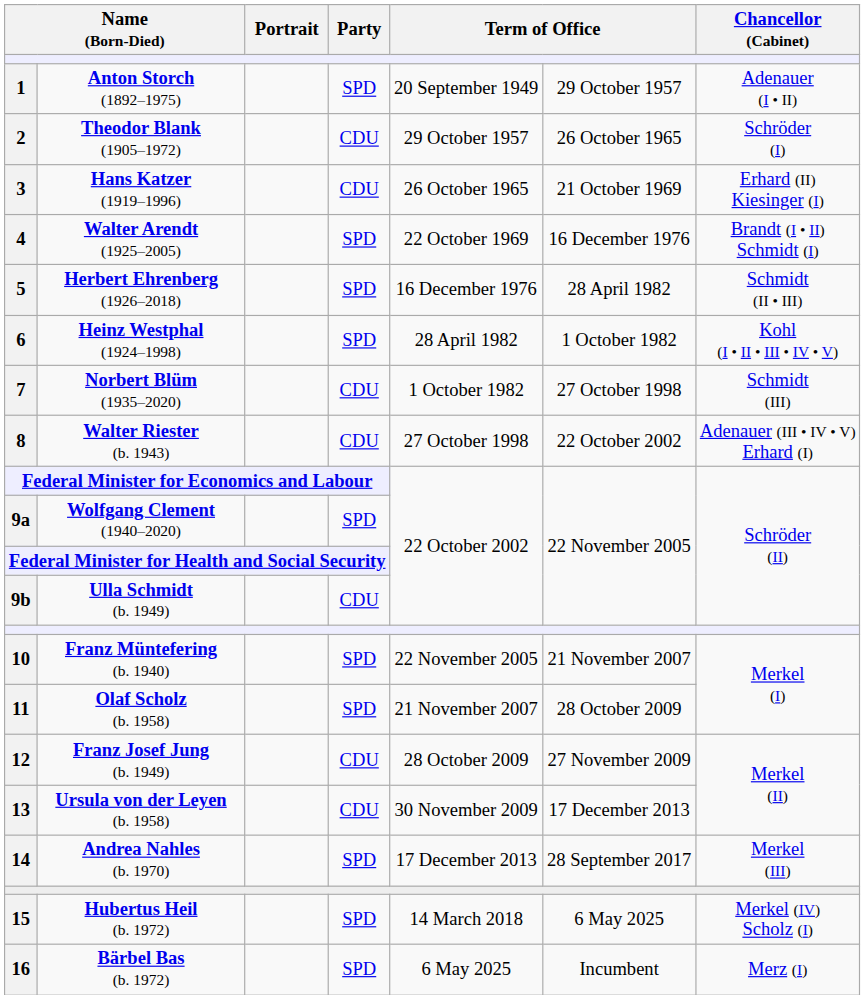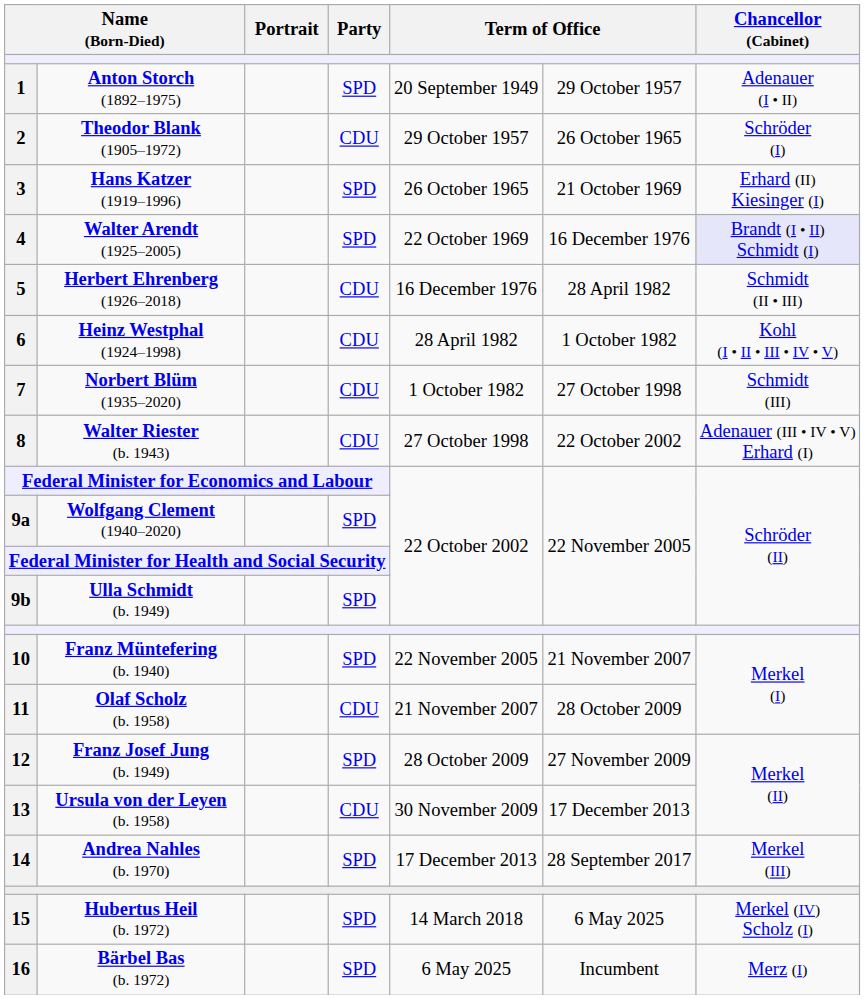 <table class="wikitable" style="text-align:center;">
 <tr>
 <th colspan=2>Name<br><small>(Born-Died)</small></th>
 <th>Portrait</th>
 <th>Party</th>
 <th colspan=2>Term of Office</th>
 <th><a href='#'>Chancellor</a><br><small>(Cabinet)</small></th>
 </tr>
 <tr>
 <th colspan="7" style="background:#EEEEFF"></th>
 </tr>
 <tr>
 <th style="background:">1</th>
 <td><strong><a href='#'>Anton Storch</a></strong><br><small>(1892–1975)</small></td>
 <td></td>
 <td><a href='#'>SPD</a></td>
 <td>20 September 1949</td>
 <td>29 October 1957</td>
 <td><a href='#'>Adenauer</a><br><small>(<a href='#'>I</a> • II)</small></td>
 </tr>
 <tr>
 <th style="background:">2</th>
 <td><strong><a href='#'>Theodor Blank</a></strong> <br><small>(1905–1972)</small></td>
 <td></td>
 <td><a href='#'>CDU</a></td>
 <td>29 October 1957</td>
 <td>26 October 1965</td>
 <td><a href='#'>Schröder</a><br><small>(<a href='#'>I</a>)</small></td>
 </tr>
 <tr>
 <th style="background:">3</th>
 <td><strong><a href='#'>Hans Katzer</a></strong><br><small>(1919–1996)</small></td>
 <td></td>
-<td><a href='#'>CDU</a></td>
+<td><a href='#'>SPD</a></td>
 <td>26 October 1965</td>
 <td>21 October 1969</td>
 <td><a href='#'>Erhard</a> <small>(II)</small><br> <a href='#'>Kiesinger</a> <small>(<a href='#'>I</a>)</small></td>
 </tr>
 <tr>
 <th style="background:">4</th>
 <td><strong><a href='#'>Walter Arendt</a></strong><br><small>(1925–2005)</small></td>
 <td></td>
 <td><a href='#'>SPD</a></td>
 <td>22 October 1969</td>
 <td>16 December 1976</td>
-<td><a href='#'>Brandt</a> <small>(<a href='#'>I</a> • <a href='#'>II</a>)</small><br> <a href='#'>Schmidt</a> <small>(<a href='#'>I</a>)</small></td>
+<td style="background: lavender;"><a href='#'>Brandt</a> <small>(<a href='#'>I</a> • <a href='#'>II</a>)</small><br> <a href='#'>Schmidt</a> <small>(<a href='#'>I</a>)</small></td>
 </tr>
 <tr>
 <th style="background:">5</th>
 <td><strong><a href='#'>Herbert Ehrenberg</a></strong><br><small>(1926–2018)</small></td>
 <td></td>
-<td><a href='#'>SPD</a></td>
+<td><a href='#'>CDU</a></td>
 <td>16 December 1976</td>
 <td>28 April 1982</td>
 <td><a href='#'>Schmidt</a><br><small>(II • III)</small></td>
 </tr>
 <tr>
 <th style="background:">6</th>
 <td><strong><a href='#'>Heinz Westphal</a></strong><br><small>(1924–1998)</small></td>
 <td></td>
-<td><a href='#'>SPD</a></td>
+<td><a href='#'>CDU</a></td>
 <td>28 April 1982</td>
 <td>1 October 1982</td>
 <td><a href='#'>Kohl</a><br><small>(<a href='#'>I</a> • <a href='#'>II</a> • <a href='#'>III</a> • <a href='#'>IV</a> • <a href='#'>V</a>)</small></td>
 </tr>
 <tr>
 <th style="background:">7</th>
 <td><strong><a href='#'>Norbert Blüm</a></strong><br><small>(1935–2020)</small></td>
 <td></td>
 <td><a href='#'>CDU</a></td>
 <td>1 October 1982</td>
 <td>27 October 1998</td>
 <td><a href='#'>Schmidt</a><br><small>(III)</small></td>
 </tr>
 <tr>
 <th style="background:">8</th>
 <td><strong><a href='#'>Walter Riester</a></strong><br><small>(b. 1943)</small></td>
 <td></td>
 <td><a href='#'>CDU</a></td>
 <td>27 October 1998</td>
 <td>22 October 2002</td>
 <td><a href='#'>Adenauer</a> <small>(III • IV • V)</small><br> <a href='#'>Erhard</a> <small>(I)</small></td>
 </tr>
 <tr>
 <th colspan="4" style="background:#EEEEFF"><a href='#'>Federal Minister for Economics and Labour</a></th>
 <td rowspan=4>22 October 2002</td>
 <td rowspan=4>22 November 2005</td>
 <td rowspan=4><a href='#'>Schröder</a><br><small>(<a href='#'>II</a>)</small></td>
 </tr>
 <tr>
 <th style="background:">9a</th>
 <td><strong><a href='#'>Wolfgang Clement</a></strong><br><small>(1940–2020)</small></td>
 <td></td>
 <td><a href='#'>SPD</a></td>
 </tr>
 <tr>
 <th colspan="4" style="background:#EEEEFF"><a href='#'>Federal Minister for Health and Social Security</a></th>
 </tr>
 <tr>
 <th style="background:">9b</th>
 <td><strong><a href='#'>Ulla Schmidt</a></strong><br><small>(b. 1949)</small></td>
 <td></td>
-<td><a href='#'>CDU</a></td>
+<td><a href='#'>SPD</a></td>
 </tr>
 <tr>
 <th colspan="7" style="background:#EEEEFF"></th>
 </tr>
 <tr>
 <th style="background:">10</th>
 <td><strong><a href='#'>Franz Müntefering</a></strong><br><small>(b. 1940)</small></td>
 <td></td>
 <td><a href='#'>SPD</a></td>
 <td>22 November 2005</td>
 <td>21 November 2007</td>
 <td rowspan=2><a href='#'>Merkel</a><br><small>(<a href='#'>I</a>)</small></td>
 </tr>
 <tr>
 <th style="background:">11</th>
 <td><strong><a href='#'>Olaf Scholz</a></strong><br><small>(b. 1958)</small></td>
 <td></td>
-<td><a href='#'>SPD</a></td>
+<td><a href='#'>CDU</a></td>
 <td>21 November 2007</td>
 <td>28 October 2009</td>
 </tr>
 <tr>
 <th style="background:">12</th>
 <td><strong><a href='#'>Franz Josef Jung</a></strong><br><small>(b. 1949)</small></td>
 <td></td>
-<td><a href='#'>CDU</a></td>
+<td><a href='#'>SPD</a></td>
 <td>28 October 2009</td>
 <td>27 November 2009</td>
 <td rowspan=2><a href='#'>Merkel</a><br><small>(<a href='#'>II</a>)</small></td>
 </tr>
 <tr>
 <th style="background:">13</th>
 <td><strong><a href='#'>Ursula von der Leyen</a></strong><br><small>(b. 1958)</small></td>
 <td></td>
 <td><a href='#'>CDU</a></td>
 <td>30 November 2009</td>
 <td>17 December 2013</td>
 </tr>
 <tr>
 <th style="background:">14</th>
 <td><strong><a href='#'>Andrea Nahles</a></strong><br><small>(b. 1970)</small></td>
 <td></td>
 <td><a href='#'>SPD</a></td>
 <td>17 December 2013</td>
 <td>28 September 2017</td>
 <td rowspan=1><a href='#'>Merkel</a><br><small>(<a href='#'>III</a>)</small></td>
 </tr>
 <tr>
 <td bgcolor=#EEEEEE colspan=10></td>
 </tr>
 <tr>
 <th style="background:">15</th>
 <td><strong><a href='#'>Hubertus Heil</a></strong> <br><small>(b. 1972)</small></td>
 <td></td>
 <td><a href='#'>SPD</a></td>
 <td>14 March 2018</td>
 <td>6 May 2025</td>
 <td rowspan=1><a href='#'>Merkel</a> <small>(<a href='#'>IV</a>)</small><br><a href='#'>Scholz</a> <small>(<a href='#'>I</a>)</small></td>
 </tr>
 <tr>
 <th style="background:">16</th>
 <td><strong><a href='#'>Bärbel Bas</a></strong> <br><small>(b. 1972)</small></td>
 <td></td>
 <td><a href='#'>SPD</a></td>
 <td>6 May 2025</td>
 <td>Incumbent</td>
 <td rowspan=1><a href='#'>Merz</a> <small>(<a href='#'>I</a>)</small></td>
 </tr>
 </table>
